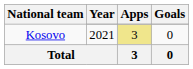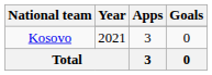 <table class="wikitable" style="text-align:center">
 <tr>
 <th>National team</th>
 <th>Year</th>
 <th>Apps</th>
 <th>Goals</th>
 </tr>
 <tr>
 <td rowspan="2"><a href='#'>Kosovo</a></td>
 </tr>
 <tr>
 <td>2021</td>
-<td style="background: khaki;">3</td>
+<td>3</td>
 <td>0</td>
 </tr>
 <tr>
 <th colspan="2">Total</th>
 <th>3</th>
 <th>0</th>
 </tr>
 </table>
